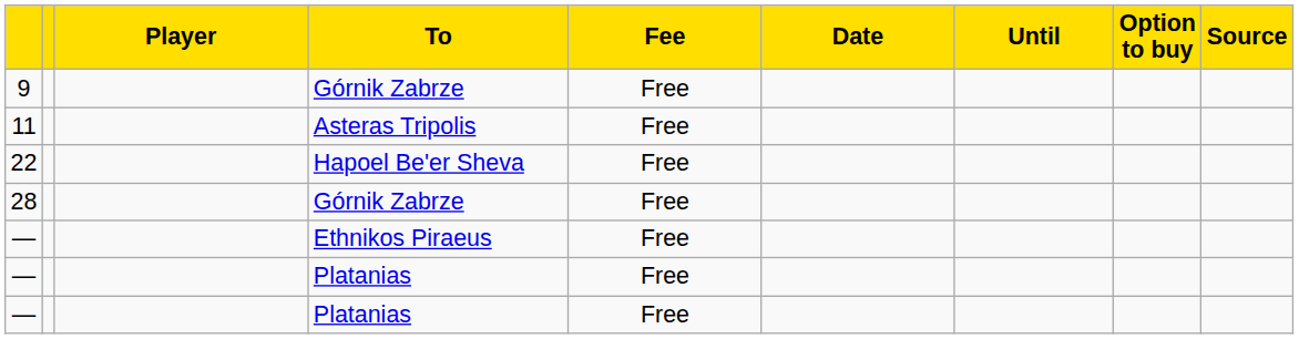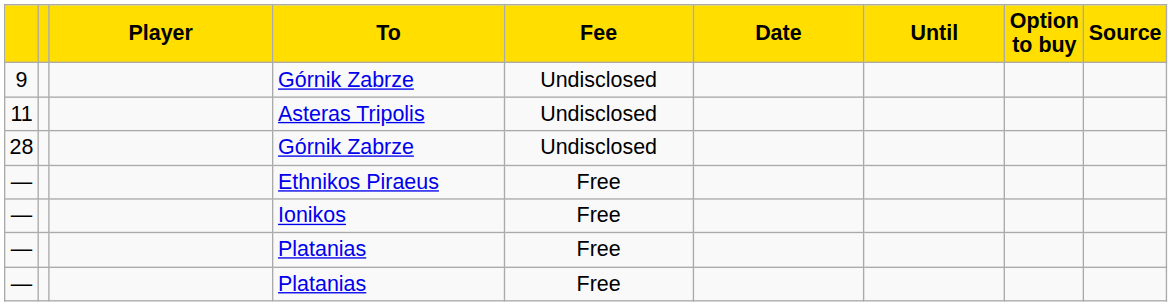 <table class="wikitable sortable">
 <tr>
 <th style="background:#FFDE00"></th>
 <th style="background:#FFDE00"></th>
 <th width=200 style="background:#FFDE00">Player</th>
 <th width=200 style="background:#FFDE00">To</th>
 <th width=150 style="background:#FFDE00">Fee</th>
 <th width=150 style="background:#FFDE00">Date</th>
 <th width=120 style="background:#FFDE00">Until</th>
 <th style="background:#FFDE00">Option to buy</th>
 <th style="background:#FFDE00">Source</th>
 </tr>
 <tr>
 <td align=center>9</td>
 <td align=center></td>
 <td></td>
 <td> <a href='#'>Górnik Zabrze</a></td>
-<td align=center>Free</td>
+<td align=center>Undisclosed</td>
 <td align=center></td>
 <td align=center></td>
 <td align=center></td>
 <td align=center></td>
 </tr>
 <tr>
 <td align=center>11</td>
 <td align=center></td>
 <td></td>
 <td> <a href='#'>Asteras Tripolis</a></td>
-<td align=center>Free</td>
-<td align=center></td>
-<td align=center></td>
-<td align=center></td>
-<td align=center></td>
-</tr>
-<tr>
-<td align=center>22</td>
-<td align=center></td>
-<td></td>
-<td> <a href='#'>Hapoel Be'er Sheva</a></td>
-<td align=center>Free</td>
+<td align=center>Undisclosed</td>
 <td align=center></td>
 <td align=center></td>
 <td align=center></td>
 <td align=center></td>
 </tr>
 <tr>
 <td align=center>28</td>
 <td align=center></td>
 <td></td>
 <td> <a href='#'>Górnik Zabrze</a></td>
+<td align=center>Undisclosed</td>
+<td align=center></td>
+<td align=center></td>
+<td align=center></td>
+<td align=center></td>
+</tr>
+<tr>
+<td align=center>—</td>
+<td align=center></td>
+<td></td>
+<td> <a href='#'>Ethnikos Piraeus</a></td>
 <td align=center>Free</td>
 <td align=center></td>
 <td align=center></td>
 <td align=center></td>
 <td align=center></td>
 </tr>
 <tr>
 <td align=center>—</td>
 <td align=center></td>
 <td></td>
-<td> <a href='#'>Ethnikos Piraeus</a></td>
+<td> <a href='#'>Ionikos</a></td>
 <td align=center>Free</td>
 <td align=center></td>
 <td align=center></td>
 <td align=center></td>
 <td align=center></td>
 </tr>
 <tr>
 <td align=center>—</td>
 <td align=center></td>
 <td></td>
 <td> <a href='#'>Platanias</a></td>
 <td align=center>Free</td>
 <td align=center></td>
 <td align=center></td>
 <td align=center></td>
 <td align=center></td>
 </tr>
 <tr>
 <td align=center>—</td>
 <td align=center></td>
 <td></td>
 <td> <a href='#'>Platanias</a></td>
 <td align=center>Free</td>
 <td align=center></td>
 <td align=center></td>
 <td align=center></td>
 <td align=center></td>
 </tr>
 </table>
